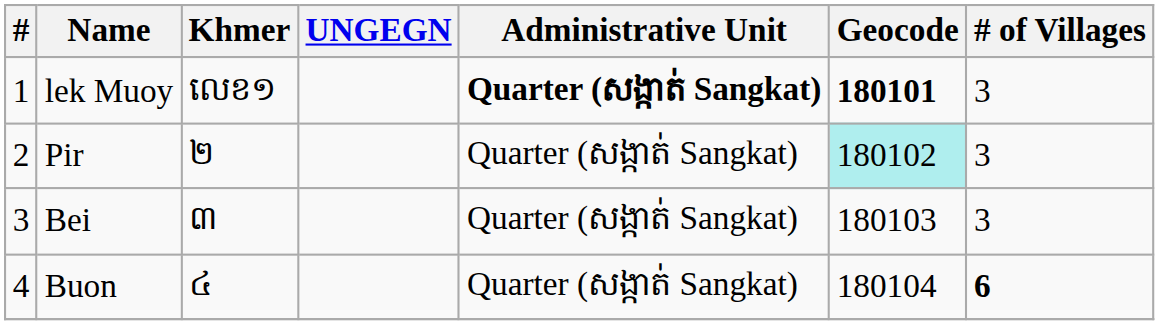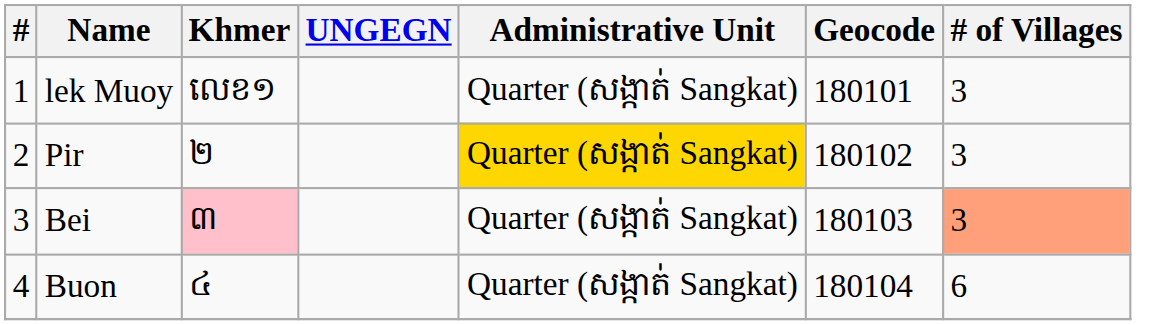 <table class="wikitable sortable">
 <tr>
 <th>#</th>
 <th>Name</th>
 <th>Khmer</th>
 <th><a href='#'>UNGEGN</a></th>
 <th>Administrative Unit</th>
 <th>Geocode</th>
 <th># of Villages</th>
 </tr>
 <tr>
 <td>1</td>
 <td>lek Muoy</td>
 <td>លេខ១</td>
 <td></td>
-<td><strong>Quarter (សង្កាត់ Sangkat)</strong></td>
-<td><strong>180101</strong></td>
+<td>Quarter (សង្កាត់ Sangkat)</td>
+<td>180101</td>
 <td>3</td>
 </tr>
 <tr>
 <td>2</td>
 <td>Pir</td>
 <td>២</td>
 <td></td>
-<td>Quarter (សង្កាត់ Sangkat)</td>
-<td style="background: paleturquoise;">180102</td>
+<td style="background: gold;">Quarter (សង្កាត់ Sangkat)</td>
+<td>180102</td>
 <td>3</td>
 </tr>
 <tr>
 <td>3</td>
 <td>Bei</td>
-<td>៣</td>
+<td style="background: pink;">៣</td>
 <td></td>
 <td>Quarter (សង្កាត់ Sangkat)</td>
 <td>180103</td>
-<td>3</td>
+<td style="background: lightsalmon;">3</td>
 </tr>
 <tr>
 <td>4</td>
 <td>Buon</td>
 <td>៤</td>
 <td></td>
 <td>Quarter (សង្កាត់ Sangkat)</td>
 <td>180104</td>
-<td><strong>6</strong></td>
+<td>6</td>
 </tr>
 <tr>
 </tr>
 </table>
